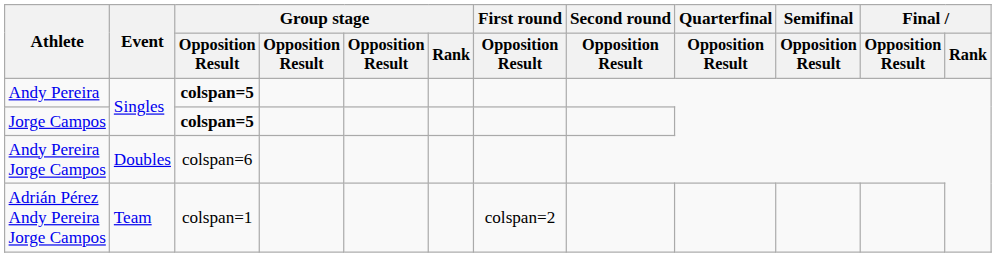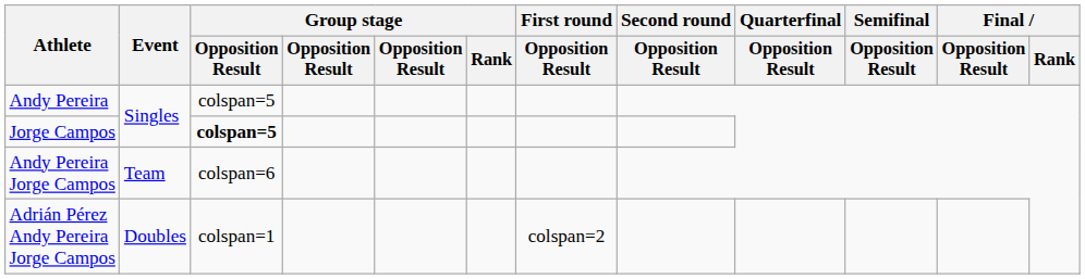 <table class=wikitable style=font-size:90%;text-align:center>
 <tr>
 <th rowspan=2>Athlete</th>
 <th rowspan=2>Event</th>
 <th colspan=4>Group stage</th>
 <th>First round</th>
 <th>Second round</th>
 <th>Quarterfinal</th>
 <th>Semifinal</th>
 <th colspan=2>Final / </th>
 </tr>
 <tr style=font-size:95%>
 <th>Opposition<br>Result</th>
 <th>Opposition<br>Result</th>
 <th>Opposition<br>Result</th>
 <th>Rank</th>
 <th>Opposition<br>Result</th>
 <th>Opposition<br>Result</th>
 <th>Opposition<br>Result</th>
 <th>Opposition<br>Result</th>
 <th>Opposition<br>Result</th>
 <th>Rank</th>
 </tr>
 <tr>
 <td align=left><a href='#'>Andy Pereira</a></td>
 <td align=left rowspan=2><a href='#'>Singles</a></td>
-<td><strong>colspan=5 </strong></td>
+<td>colspan=5 </td>
 <td></td>
 <td></td>
 <td></td>
 <td></td>
 </tr>
 <tr>
 <td align=left><a href='#'>Jorge Campos</a></td>
 <td><strong>colspan=5 </strong></td>
 <td></td>
 <td></td>
 <td></td>
 <td></td>
 <td></td>
 </tr>
 <tr>
 <td align=left><a href='#'>Andy Pereira</a><br><a href='#'>Jorge Campos</a></td>
-<td align=left><a href='#'>Doubles</a></td>
+<td align=left><a href='#'>Team</a></td>
 <td>colspan=6 </td>
 <td></td>
 <td></td>
 <td></td>
 <td></td>
 </tr>
 <tr>
 <td align=left><a href='#'>Adrián Pérez</a><br><a href='#'>Andy Pereira</a><br><a href='#'>Jorge Campos</a></td>
-<td align=left><a href='#'>Team</a></td>
+<td align=left><a href='#'>Doubles</a></td>
 <td>colspan=1 </td>
 <td></td>
 <td></td>
 <td></td>
 <td>colspan=2 </td>
 <td></td>
 <td></td>
 <td></td>
 <td></td>
 </tr>
 </table>
